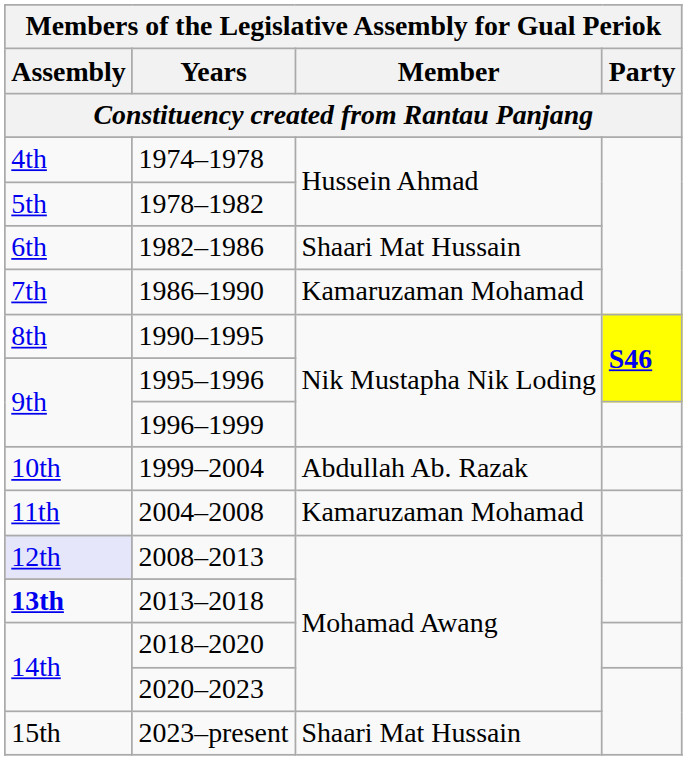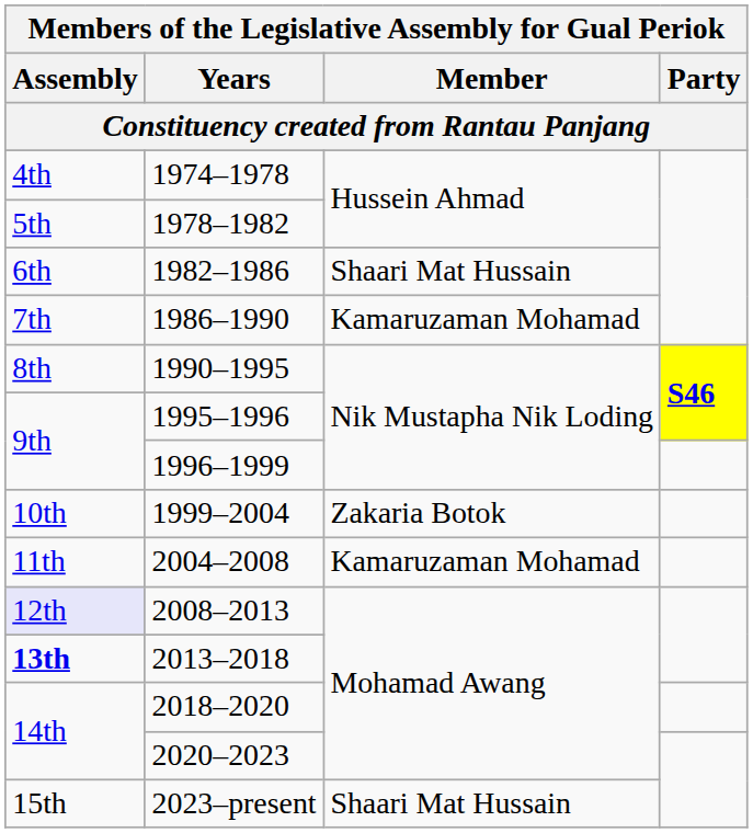 <table class=wikitable>
 <tr>
 <th colspan=4>Members of the Legislative Assembly for Gual Periok</th>
 </tr>
 <tr>
 <th>Assembly</th>
 <th>Years</th>
 <th>Member</th>
 <th>Party</th>
 </tr>
 <tr>
 <th colspan=4 align=center><em>Constituency created from Rantau Panjang</em></th>
 </tr>
 <tr>
 <td><a href='#'>4th</a></td>
 <td>1974–1978</td>
 <td rowspan=2>Hussein Ahmad</td>
 <td rowspan=4></td>
 </tr>
 <tr>
 <td><a href='#'>5th</a></td>
 <td>1978–1982</td>
 </tr>
 <tr>
 <td><a href='#'>6th</a></td>
 <td>1982–1986</td>
 <td>Shaari Mat Hussain</td>
 </tr>
 <tr>
 <td><a href='#'>7th</a></td>
 <td>1986–1990</td>
 <td>Kamaruzaman Mohamad</td>
 </tr>
 <tr>
 <td><a href='#'>8th</a></td>
 <td>1990–1995</td>
 <td rowspan=3>Nik Mustapha Nik Loding</td>
 <td rowspan=2 bgcolor="yellow"><strong><a href='#'>S46</a></strong></td>
 </tr>
 <tr>
 <td rowspan=2><a href='#'>9th</a></td>
 <td>1995–1996</td>
 </tr>
 <tr>
 <td>1996–1999</td>
 <td></td>
 </tr>
 <tr>
 <td><a href='#'>10th</a></td>
 <td>1999–2004</td>
-<td>Abdullah Ab. Razak</td>
+<td>Zakaria Botok</td>
 <td></td>
 </tr>
 <tr>
 <td><a href='#'>11th</a></td>
 <td>2004–2008</td>
 <td>Kamaruzaman Mohamad</td>
 <td></td>
 </tr>
 <tr>
 <td style="background: lavender;"><a href='#'>12th</a></td>
 <td>2008–2013</td>
 <td rowspan="4">Mohamad Awang</td>
 <td rowspan="2"></td>
 </tr>
 <tr>
 <td><strong><a href='#'>13th</a></strong></td>
 <td>2013–2018</td>
 </tr>
 <tr>
 <td rowspan="2"><a href='#'>14th</a></td>
 <td>2018–2020</td>
 <td></td>
 </tr>
 <tr>
 <td>2020–2023</td>
 <td rowspan=2></td>
 </tr>
 <tr>
 <td>15th</td>
 <td>2023–present</td>
 <td>Shaari Mat Hussain</td>
 </tr>
 </table>
